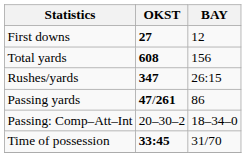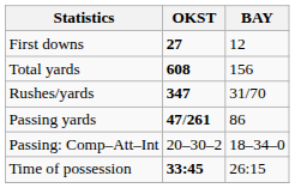 <table class="wikitable" style="float: left;">
 <tr>
 <th>Statistics</th>
 <th>OKST</th>
 <th>BAY</th>
 </tr>
 <tr>
 <td>First downs</td>
 <td><strong>27</strong></td>
 <td>12</td>
 </tr>
 <tr>
 <td>Total yards</td>
 <td><strong>608</strong></td>
 <td>156</td>
 </tr>
 <tr>
 <td>Rushes/yards</td>
 <td><strong>347</strong></td>
-<td>26:15</td>
+<td>31/70</td>
 </tr>
 <tr>
 <td>Passing yards</td>
 <td><strong>47</strong>/<strong>261</strong></td>
 <td>86</td>
 </tr>
 <tr>
 <td>Passing: Comp–Att–Int</td>
 <td>20–30–2</td>
 <td>18–34–0</td>
 </tr>
 <tr>
 <td>Time of possession</td>
 <td><strong>33:45</strong></td>
-<td>31/70</td>
+<td>26:15</td>
 </tr>
 <tr>
 </tr>
 </table>
